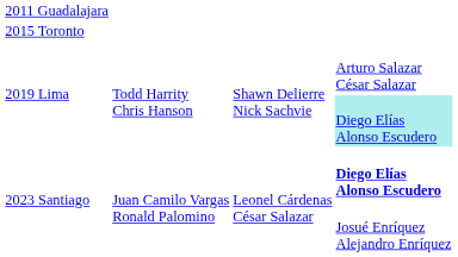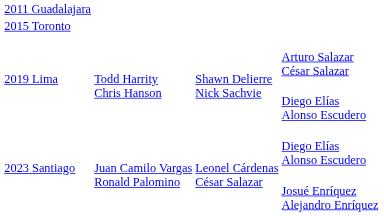 <table>
 <tr>
 <td rowspan=2><a href='#'>2011 Guadalajara</a><br></td>
 <td rowspan=2></td>
 <td rowspan=2></td>
 <td></td>
 </tr>
 <tr>
 <td></td>
 </tr>
 <tr>
 <td rowspan=2><a href='#'>2015 Toronto</a><br></td>
 <td rowspan=2></td>
 <td rowspan=2></td>
 <td></td>
 </tr>
 <tr>
 <td></td>
 </tr>
 <tr>
 <td rowspan=2><a href='#'>2019 Lima</a><br></td>
 <td rowspan=2><br><a href='#'>Todd Harrity</a><br><a href='#'>Chris Hanson</a></td>
 <td rowspan=2><br><a href='#'>Shawn Delierre</a><br><a href='#'>Nick Sachvie</a></td>
 <td><br><a href='#'>Arturo Salazar</a><br><a href='#'>César Salazar</a></td>
 </tr>
 <tr>
-<td style="background: paleturquoise;"><br><a href='#'>Diego Elías</a><br><a href='#'>Alonso Escudero</a></td>
+<td><br><a href='#'>Diego Elías</a><br><a href='#'>Alonso Escudero</a></td>
 </tr>
 <tr>
 <td rowspan=2><a href='#'>2023 Santiago</a><br></td>
 <td rowspan=2><br><a href='#'>Juan Camilo Vargas</a><br><a href='#'>Ronald Palomino</a></td>
 <td rowspan=2><br><a href='#'>Leonel Cárdenas</a><br><a href='#'>César Salazar</a></td>
-<td><strong><br><a href='#'>Diego Elías</a><br><a href='#'>Alonso Escudero</a></strong></td>
+<td><br><a href='#'>Diego Elías</a><br><a href='#'>Alonso Escudero</a></td>
 </tr>
 <tr>
 <td><br><a href='#'>Josué Enríquez</a><br><a href='#'>Alejandro Enríquez</a></td>
 </tr>
 </table>
